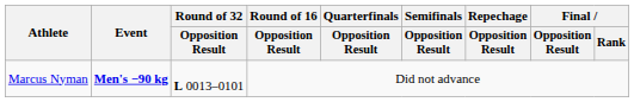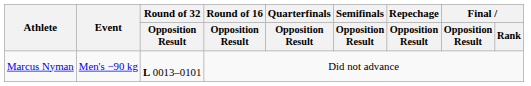 <table class="wikitable" style="font-size:90%">
 <tr>
 <th rowspan="2">Athlete</th>
 <th rowspan="2">Event</th>
 <th>Round of 32</th>
 <th>Round of 16</th>
 <th>Quarterfinals</th>
 <th>Semifinals</th>
 <th>Repechage</th>
 <th colspan=2>Final / </th>
 </tr>
 <tr style="font-size:95%">
 <th>Opposition<br>Result</th>
 <th>Opposition<br>Result</th>
 <th>Opposition<br>Result</th>
 <th>Opposition<br>Result</th>
 <th>Opposition<br>Result</th>
 <th>Opposition<br>Result</th>
 <th>Rank</th>
 </tr>
 <tr align=center>
 <td align=left><a href='#'>Marcus Nyman</a></td>
-<td align=left><strong><a href='#'>Men's −90 kg</a></strong></td>
+<td align=left><a href='#'>Men's −90 kg</a></td>
 <td><br><strong>L</strong> 0013–0101</td>
 <td colspan=6>Did not advance</td>
 </tr>
 </table>
